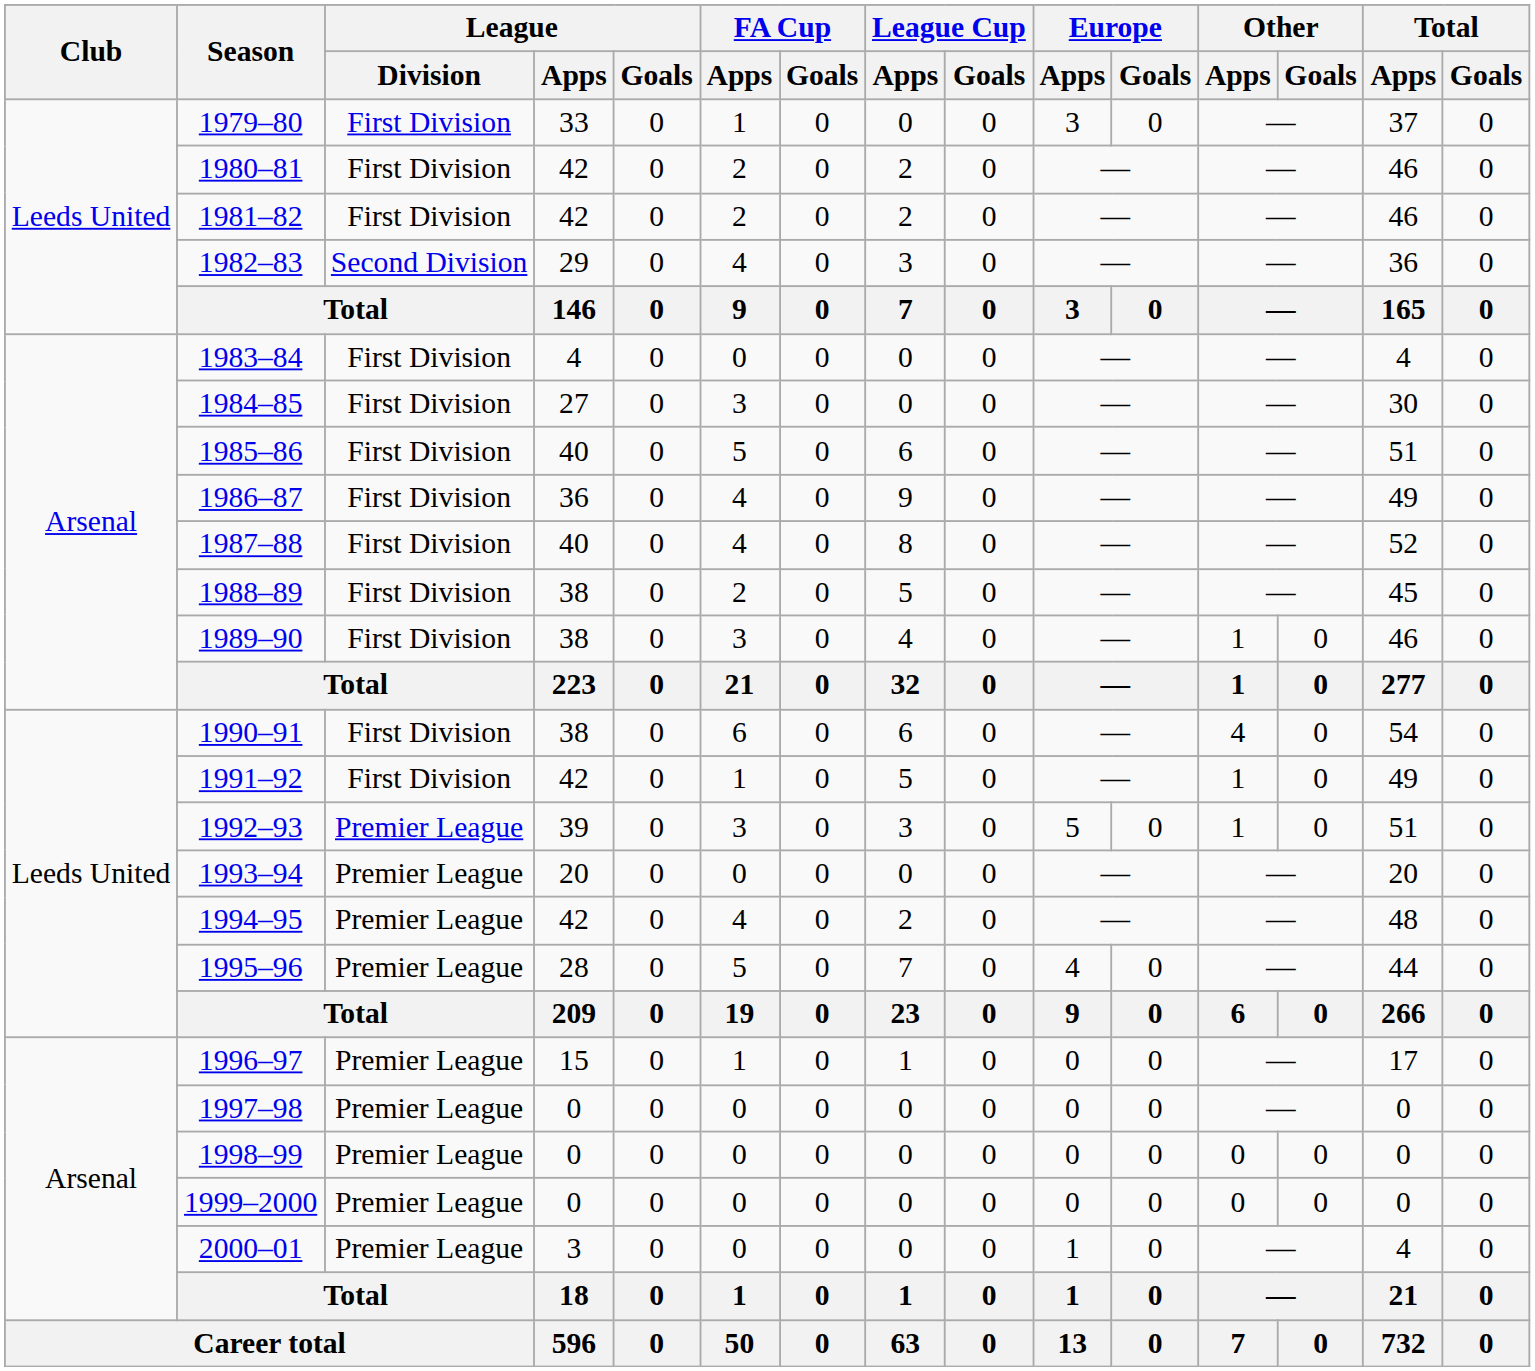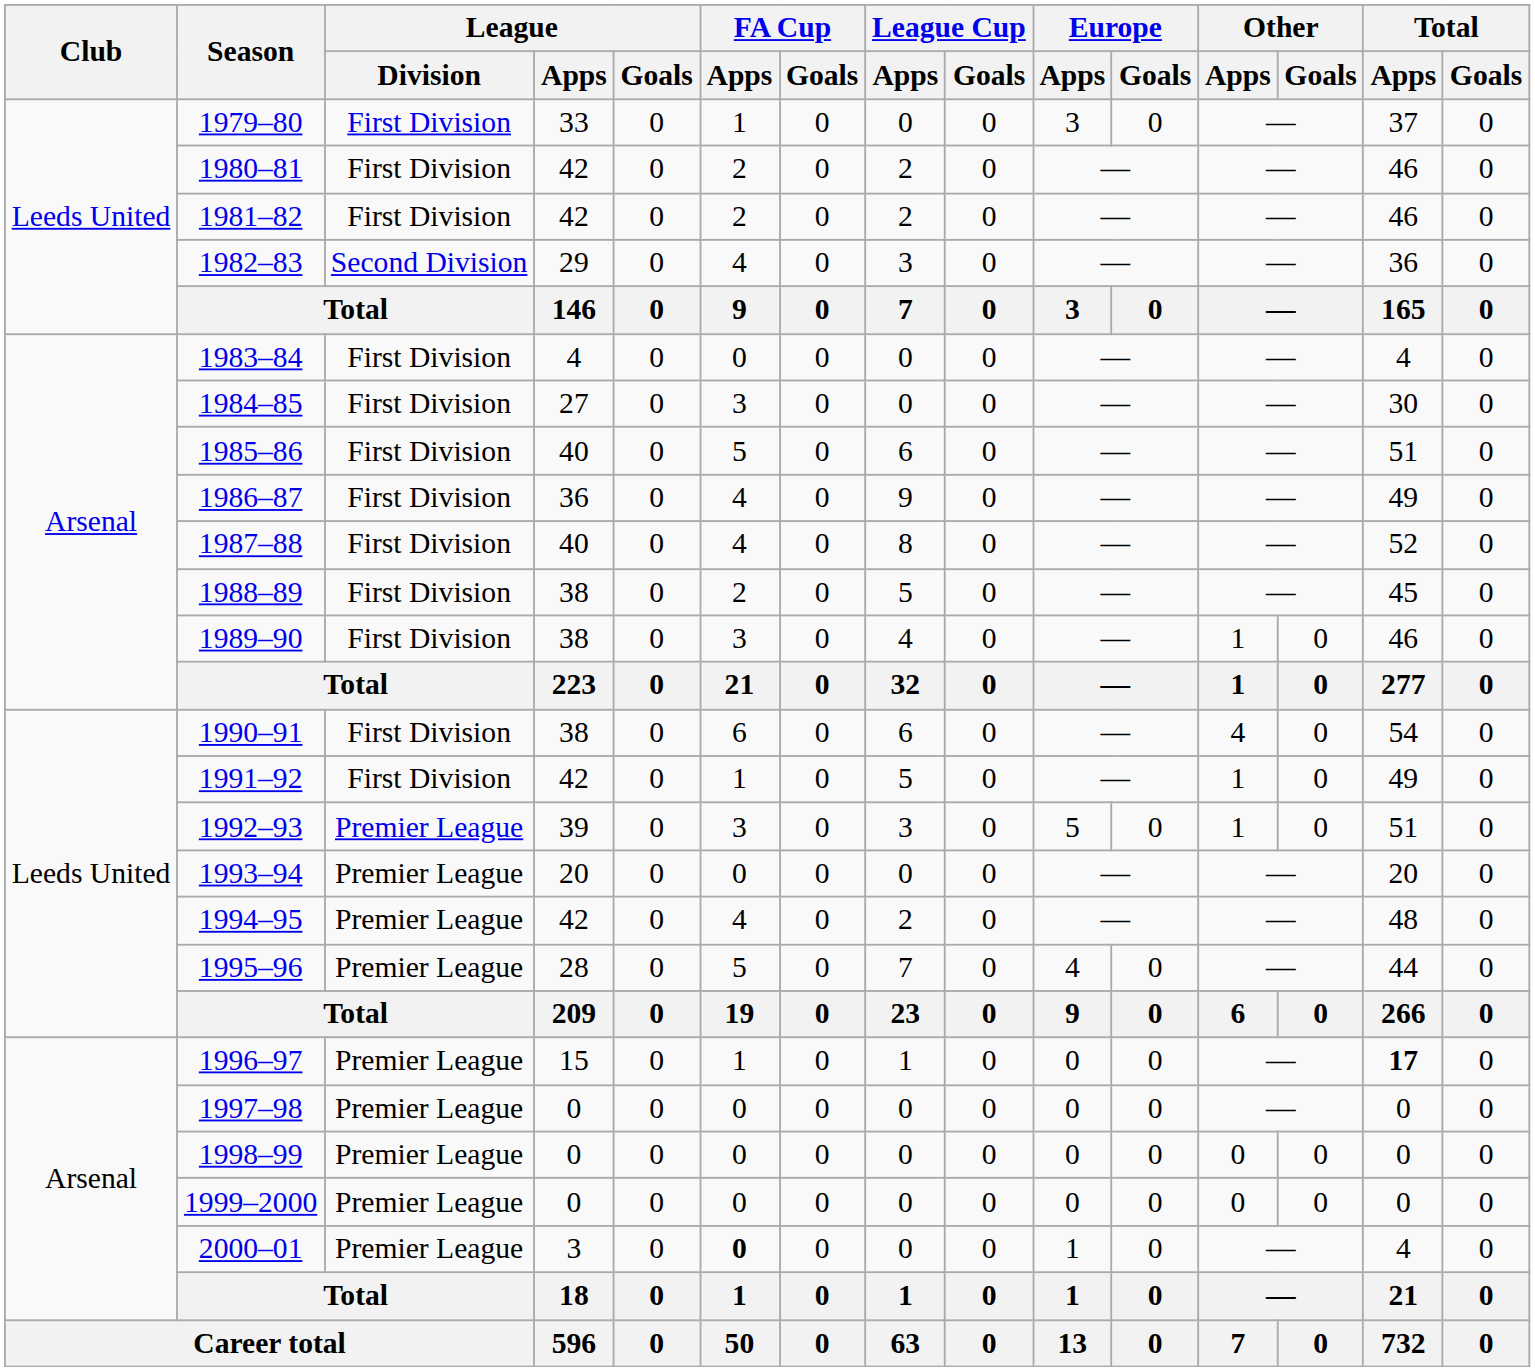 <table class=wikitable style=text-align:center>
 <tr>
 <th rowspan="2">Club</th>
 <th rowspan="2">Season</th>
 <th colspan="3">League</th>
 <th colspan="2"><a href='#'>FA Cup</a></th>
 <th colspan="2"><a href='#'>League Cup</a></th>
 <th colspan="2"><a href='#'>Europe</a></th>
 <th colspan="2">Other</th>
 <th colspan="2">Total</th>
 </tr>
 <tr>
 <th>Division</th>
 <th>Apps</th>
 <th>Goals</th>
 <th>Apps</th>
 <th>Goals</th>
 <th>Apps</th>
 <th>Goals</th>
 <th>Apps</th>
 <th>Goals</th>
 <th>Apps</th>
 <th>Goals</th>
 <th>Apps</th>
 <th>Goals</th>
 </tr>
 <tr>
 <td rowspan="5"><a href='#'>Leeds United</a></td>
 <td><a href='#'>1979–80</a></td>
 <td><a href='#'>First Division</a></td>
 <td>33</td>
 <td>0</td>
 <td>1</td>
 <td>0</td>
 <td>0</td>
 <td>0</td>
 <td>3</td>
 <td>0</td>
 <td colspan="2">—</td>
 <td>37</td>
 <td>0</td>
 </tr>
 <tr>
 <td><a href='#'>1980–81</a></td>
 <td>First Division</td>
 <td>42</td>
 <td>0</td>
 <td>2</td>
 <td>0</td>
 <td>2</td>
 <td>0</td>
 <td colspan="2">—</td>
 <td colspan="2">—</td>
 <td>46</td>
 <td>0</td>
 </tr>
 <tr>
 <td><a href='#'>1981–82</a></td>
 <td>First Division</td>
 <td>42</td>
 <td>0</td>
 <td>2</td>
 <td>0</td>
 <td>2</td>
 <td>0</td>
 <td colspan="2">—</td>
 <td colspan="2">—</td>
 <td>46</td>
 <td>0</td>
 </tr>
 <tr>
 <td><a href='#'>1982–83</a></td>
 <td><a href='#'>Second Division</a></td>
 <td>29</td>
 <td>0</td>
 <td>4</td>
 <td>0</td>
 <td>3</td>
 <td>0</td>
 <td colspan="2">—</td>
 <td colspan="2">—</td>
 <td>36</td>
 <td>0</td>
 </tr>
 <tr>
 <th colspan="2">Total</th>
 <th>146</th>
 <th>0</th>
 <th>9</th>
 <th>0</th>
 <th>7</th>
 <th>0</th>
 <th>3</th>
 <th>0</th>
 <th colspan="2">—</th>
 <th>165</th>
 <th>0</th>
 </tr>
 <tr>
 <td rowspan="8"><a href='#'>Arsenal</a></td>
 <td><a href='#'>1983–84</a></td>
 <td>First Division</td>
 <td>4</td>
 <td>0</td>
 <td>0</td>
 <td>0</td>
 <td>0</td>
 <td>0</td>
 <td colspan="2">—</td>
 <td colspan="2">—</td>
 <td>4</td>
 <td>0</td>
 </tr>
 <tr>
 <td><a href='#'>1984–85</a></td>
 <td>First Division</td>
 <td>27</td>
 <td>0</td>
 <td>3</td>
 <td>0</td>
 <td>0</td>
 <td>0</td>
 <td colspan="2">—</td>
 <td colspan="2">—</td>
 <td>30</td>
 <td>0</td>
 </tr>
 <tr>
 <td><a href='#'>1985–86</a></td>
 <td>First Division</td>
 <td>40</td>
 <td>0</td>
 <td>5</td>
 <td>0</td>
 <td>6</td>
 <td>0</td>
 <td colspan="2">—</td>
 <td colspan="2">—</td>
 <td>51</td>
 <td>0</td>
 </tr>
 <tr>
 <td><a href='#'>1986–87</a></td>
 <td>First Division</td>
 <td>36</td>
 <td>0</td>
 <td>4</td>
 <td>0</td>
 <td>9</td>
 <td>0</td>
 <td colspan="2">—</td>
 <td colspan="2">—</td>
 <td>49</td>
 <td>0</td>
 </tr>
 <tr>
 <td><a href='#'>1987–88</a></td>
 <td>First Division</td>
 <td>40</td>
 <td>0</td>
 <td>4</td>
 <td>0</td>
 <td>8</td>
 <td>0</td>
 <td colspan="2">—</td>
 <td colspan="2">—</td>
 <td>52</td>
 <td>0</td>
 </tr>
 <tr>
 <td><a href='#'>1988–89</a></td>
 <td>First Division</td>
 <td>38</td>
 <td>0</td>
 <td>2</td>
 <td>0</td>
 <td>5</td>
 <td>0</td>
 <td colspan="2">—</td>
 <td colspan="2">—</td>
 <td>45</td>
 <td>0</td>
 </tr>
 <tr>
 <td><a href='#'>1989–90</a></td>
 <td>First Division</td>
 <td>38</td>
 <td>0</td>
 <td>3</td>
 <td>0</td>
 <td>4</td>
 <td>0</td>
 <td colspan="2">—</td>
 <td>1</td>
 <td>0</td>
 <td>46</td>
 <td>0</td>
 </tr>
 <tr>
 <th colspan="2">Total</th>
 <th>223</th>
 <th>0</th>
 <th>21</th>
 <th>0</th>
 <th>32</th>
 <th>0</th>
 <th colspan="2">—</th>
 <th>1</th>
 <th>0</th>
 <th>277</th>
 <th>0</th>
 </tr>
 <tr>
 <td rowspan="7">Leeds United</td>
 <td><a href='#'>1990–91</a></td>
 <td>First Division</td>
 <td>38</td>
 <td>0</td>
 <td>6</td>
 <td>0</td>
 <td>6</td>
 <td>0</td>
 <td colspan="2">—</td>
 <td>4</td>
 <td>0</td>
 <td>54</td>
 <td>0</td>
 </tr>
 <tr>
 <td><a href='#'>1991–92</a></td>
 <td>First Division</td>
 <td>42</td>
 <td>0</td>
 <td>1</td>
 <td>0</td>
 <td>5</td>
 <td>0</td>
 <td colspan="2">—</td>
 <td>1</td>
 <td>0</td>
 <td>49</td>
 <td>0</td>
 </tr>
 <tr>
 <td><a href='#'>1992–93</a></td>
 <td><a href='#'>Premier League</a></td>
 <td>39</td>
 <td>0</td>
 <td>3</td>
 <td>0</td>
 <td>3</td>
 <td>0</td>
 <td>5</td>
 <td>0</td>
 <td>1</td>
 <td>0</td>
 <td>51</td>
 <td>0</td>
 </tr>
 <tr>
 <td><a href='#'>1993–94</a></td>
 <td>Premier League</td>
 <td>20</td>
 <td>0</td>
 <td>0</td>
 <td>0</td>
 <td>0</td>
 <td>0</td>
 <td colspan="2">—</td>
 <td colspan="2">—</td>
 <td>20</td>
 <td>0</td>
 </tr>
 <tr>
 <td><a href='#'>1994–95</a></td>
 <td>Premier League</td>
 <td>42</td>
 <td>0</td>
 <td>4</td>
 <td>0</td>
 <td>2</td>
 <td>0</td>
 <td colspan="2">—</td>
 <td colspan="2">—</td>
 <td>48</td>
 <td>0</td>
 </tr>
 <tr>
 <td><a href='#'>1995–96</a></td>
 <td>Premier League</td>
 <td>28</td>
 <td>0</td>
 <td>5</td>
 <td>0</td>
 <td>7</td>
 <td>0</td>
 <td>4</td>
 <td>0</td>
 <td colspan="2">—</td>
 <td>44</td>
 <td>0</td>
 </tr>
 <tr>
 <th colspan="2">Total</th>
 <th>209</th>
 <th>0</th>
 <th>19</th>
 <th>0</th>
 <th>23</th>
 <th>0</th>
 <th>9</th>
 <th>0</th>
 <th>6</th>
 <th>0</th>
 <th>266</th>
 <th>0</th>
 </tr>
 <tr>
 <td rowspan="6">Arsenal</td>
 <td><a href='#'>1996–97</a></td>
 <td>Premier League</td>
 <td>15</td>
 <td>0</td>
 <td>1</td>
 <td>0</td>
 <td>1</td>
 <td>0</td>
 <td>0</td>
 <td>0</td>
 <td colspan="2">—</td>
-<td>17</td>
+<td><strong>17</strong></td>
 <td>0</td>
 </tr>
 <tr>
 <td><a href='#'>1997–98</a></td>
 <td>Premier League</td>
 <td>0</td>
 <td>0</td>
 <td>0</td>
 <td>0</td>
 <td>0</td>
 <td>0</td>
 <td>0</td>
 <td>0</td>
 <td colspan="2">—</td>
 <td>0</td>
 <td>0</td>
 </tr>
 <tr>
 <td><a href='#'>1998–99</a></td>
 <td>Premier League</td>
 <td>0</td>
 <td>0</td>
 <td>0</td>
 <td>0</td>
 <td>0</td>
 <td>0</td>
 <td>0</td>
 <td>0</td>
 <td>0</td>
 <td>0</td>
 <td>0</td>
 <td>0</td>
 </tr>
 <tr>
 <td><a href='#'>1999–2000</a></td>
 <td>Premier League</td>
 <td>0</td>
 <td>0</td>
 <td>0</td>
 <td>0</td>
 <td>0</td>
 <td>0</td>
 <td>0</td>
 <td>0</td>
 <td>0</td>
 <td>0</td>
 <td>0</td>
 <td>0</td>
 </tr>
 <tr>
 <td><a href='#'>2000–01</a></td>
 <td>Premier League</td>
 <td>3</td>
 <td>0</td>
-<td>0</td>
+<td><strong>0</strong></td>
 <td>0</td>
 <td>0</td>
 <td>0</td>
 <td>1</td>
 <td>0</td>
 <td colspan="2">—</td>
 <td>4</td>
 <td>0</td>
 </tr>
 <tr>
 <th colspan="2">Total</th>
 <th>18</th>
 <th>0</th>
 <th>1</th>
 <th>0</th>
 <th>1</th>
 <th>0</th>
 <th>1</th>
 <th>0</th>
 <th colspan="2">—</th>
 <th>21</th>
 <th>0</th>
 </tr>
 <tr>
 <th colspan=3>Career total</th>
 <th>596</th>
 <th>0</th>
 <th>50</th>
 <th>0</th>
 <th>63</th>
 <th>0</th>
 <th>13</th>
 <th>0</th>
 <th>7</th>
 <th>0</th>
 <th>732</th>
 <th>0</th>
 </tr>
 </table>
